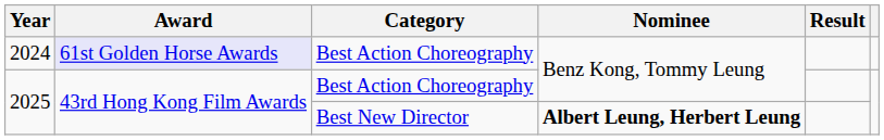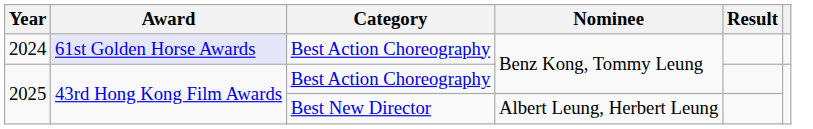 <table class="wikitable plainrowheaders">
 <tr>
 <th>Year</th>
 <th>Award</th>
 <th>Category</th>
 <th>Nominee</th>
 <th>Result</th>
 <th></th>
 </tr>
 <tr>
 <td>2024</td>
 <td style="background: lavender;"><a href='#'>61st Golden Horse Awards</a></td>
 <td><a href='#'>Best Action Choreography</a></td>
 <td rowspan="2">Benz Kong, Tommy Leung</td>
 <td></td>
 <td></td>
 </tr>
 <tr>
 <td rowspan="2">2025</td>
 <td rowspan="2"><a href='#'>43rd Hong Kong Film Awards</a></td>
 <td><a href='#'>Best Action Choreography</a></td>
 <td></td>
 <td rowspan="2"></td>
 </tr>
 <tr>
 <td><a href='#'>Best New Director</a></td>
-<td><strong>Albert Leung, Herbert Leung</strong></td>
+<td>Albert Leung, Herbert Leung</td>
 <td></td>
 </tr>
 </table>
